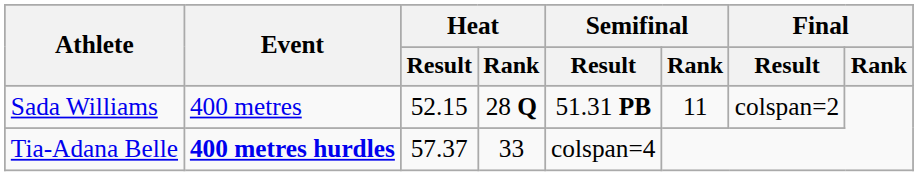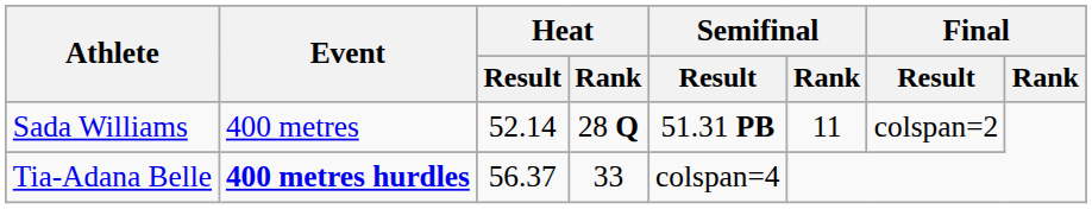 <table class="wikitable" style="font-size:90%">
 <tr>
 <th rowspan="2">Athlete</th>
 <th rowspan="2">Event</th>
 <th colspan="2">Heat</th>
 <th colspan="2">Semifinal</th>
 <th colspan="2">Final</th>
 </tr>
 <tr style="font-size:95%">
 <th>Result</th>
 <th>Rank</th>
 <th>Result</th>
 <th>Rank</th>
 <th>Result</th>
 <th>Rank</th>
 </tr>
 <tr style=text-align:center>
 <td style=text-align:left><a href='#'>Sada Williams</a></td>
 <td style=text-align:left><a href='#'>400 metres</a></td>
-<td>52.15</td>
+<td>52.14</td>
 <td>28 <strong>Q</strong></td>
 <td>51.31 <strong>PB</strong></td>
 <td>11</td>
 <td>colspan=2 </td>
 </tr>
 <tr style=text-align:center>
 <td style=text-align:left><a href='#'>Tia-Adana Belle</a></td>
 <td style=text-align:left><strong><a href='#'>400 metres hurdles</a></strong></td>
-<td>57.37</td>
+<td>56.37</td>
 <td>33</td>
 <td>colspan=4 </td>
 </tr>
 </table>
